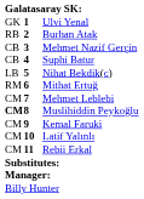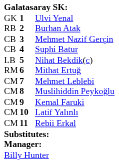 <table style="font-size: 90%" cellspacing="0" cellpadding="0">
 <tr>
 <td colspan="4"><strong>Galatasaray SK:</strong></td>
 </tr>
 <tr>
 <th width="25"></th>
 <th width="25"></th>
 </tr>
 <tr>
 <td>GK</td>
 <td><strong>1</strong></td>
 <td> <a href='#'>Ulvi Yenal</a></td>
 </tr>
 <tr>
 <td>RB</td>
 <td><strong>2</strong></td>
 <td> <a href='#'>Burhan Atak</a></td>
 </tr>
 <tr>
 <td>CB</td>
 <td><strong>3</strong></td>
 <td> <a href='#'>Mehmet Nazif Gerçin</a></td>
 </tr>
 <tr>
 <td>CB</td>
 <td><strong>4</strong></td>
 <td> <a href='#'>Suphi Batur</a></td>
 </tr>
 <tr>
 <td>LB</td>
 <td><strong>5</strong></td>
 <td> <a href='#'>Nihat Bekdik</a>(<a href='#'>c</a>)</td>
 </tr>
 <tr>
 <td>RM</td>
 <td><strong>6</strong></td>
 <td> <a href='#'>Mithat Ertuğ</a></td>
 </tr>
 <tr>
 <td>CM</td>
 <td><strong>7</strong></td>
 <td> <a href='#'>Mehmet Leblebi</a></td>
 </tr>
 <tr>
-<td><strong>CM</strong></td>
+<td>CM</td>
 <td><strong>8</strong></td>
 <td> <a href='#'>Muslihiddin Peykoğlu</a></td>
 </tr>
 <tr>
 <td>CM</td>
 <td><strong>9</strong></td>
 <td> <a href='#'>Kemal Faruki</a></td>
 </tr>
 <tr>
 <td>CM</td>
 <td><strong>10</strong></td>
 <td> <a href='#'>Latif Yalınlı</a></td>
 </tr>
 <tr>
 <td>CM</td>
 <td><strong>11</strong></td>
 <td> <a href='#'>Rebii Erkal</a></td>
 </tr>
 <tr>
 <td colspan=4><strong>Substitutes:</strong></td>
 </tr>
 <tr>
 <td colspan=4><strong>Manager:</strong></td>
 </tr>
 <tr>
 <td colspan="4"> <a href='#'>Billy Hunter</a></td>
 </tr>
 </table>
